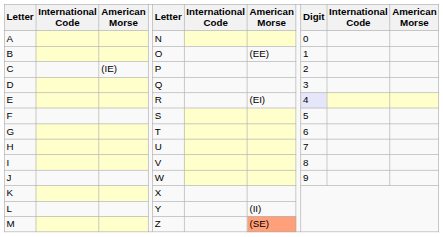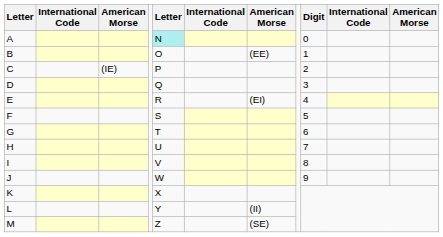 <table class="wikitable" style="text-align: ">
 <tr>
 <th>Letter</th>
 <th>International <br> Code</th>
 <th>American <br> Morse</th>
 <td rowspan=14></td>
 <th>Letter</th>
 <th>International <br> Code</th>
 <th>American <br> Morse</th>
 <td rowspan=14></td>
 <th>Digit</th>
 <th>International <br> Code</th>
 <th>American <br> Morse</th>
 </tr>
 <tr>
 <td>A</td>
 <td bgcolor=#ffffcc></td>
 <td bgcolor=#ffffcc></td>
-<td>N</td>
+<td style="background: paleturquoise;">N</td>
 <td bgcolor=#ffffcc></td>
 <td bgcolor=#ffffcc></td>
 <td>0</td>
 <td></td>
 <td></td>
 </tr>
 <tr>
 <td>B</td>
 <td bgcolor=#ffffcc></td>
 <td bgcolor=#ffffcc></td>
 <td>O</td>
 <td></td>
 <td> (EE)</td>
 <td>1</td>
 <td></td>
 <td></td>
 </tr>
 <tr>
 <td>C</td>
 <td></td>
 <td> (IE)</td>
 <td>P</td>
 <td></td>
 <td></td>
 <td>2</td>
 <td></td>
 <td></td>
 </tr>
 <tr>
 <td>D</td>
 <td bgcolor=#ffffcc></td>
 <td bgcolor=#ffffcc></td>
 <td>Q</td>
 <td></td>
 <td></td>
 <td>3</td>
 <td></td>
 <td></td>
 </tr>
 <tr>
 <td>E</td>
 <td bgcolor=#ffffcc></td>
 <td bgcolor=#ffffcc></td>
 <td>R</td>
 <td></td>
 <td> (EI)</td>
-<td style="background: lavender;">4</td>
+<td>4</td>
 <td bgcolor=#ffffcc></td>
 <td bgcolor=#ffffcc></td>
 </tr>
 <tr>
 <td>F</td>
 <td></td>
 <td></td>
 <td>S</td>
 <td bgcolor=#ffffcc></td>
 <td bgcolor=#ffffcc></td>
 <td>5</td>
 <td></td>
 <td></td>
 </tr>
 <tr>
 <td>G</td>
 <td bgcolor=#ffffcc></td>
 <td bgcolor=#ffffcc></td>
 <td>T</td>
 <td bgcolor=#ffffcc></td>
 <td bgcolor=#ffffcc></td>
 <td>6</td>
 <td></td>
 <td></td>
 </tr>
 <tr>
 <td>H</td>
 <td bgcolor=#ffffcc></td>
 <td bgcolor=#ffffcc></td>
 <td>U</td>
 <td bgcolor=#ffffcc></td>
 <td bgcolor=#ffffcc></td>
 <td>7</td>
 <td></td>
 <td></td>
 </tr>
 <tr>
 <td>I</td>
 <td bgcolor=#ffffcc></td>
 <td bgcolor=#ffffcc></td>
 <td>V</td>
 <td bgcolor=#ffffcc></td>
 <td bgcolor=#ffffcc></td>
 <td>8</td>
 <td></td>
 <td></td>
 </tr>
 <tr>
 <td>J</td>
 <td></td>
 <td></td>
 <td>W</td>
 <td bgcolor=#ffffcc></td>
 <td bgcolor=#ffffcc></td>
 <td>9</td>
 <td></td>
 <td></td>
 </tr>
 <tr>
 <td>K</td>
 <td bgcolor=#ffffcc></td>
 <td bgcolor=#ffffcc></td>
 <td>X</td>
 <td></td>
 <td></td>
 </tr>
 <tr>
 <td>L</td>
 <td></td>
 <td></td>
 <td>Y</td>
 <td></td>
 <td> (II)</td>
 </tr>
 <tr>
 <td>M</td>
 <td bgcolor=#ffffcc></td>
 <td bgcolor=#ffffcc></td>
 <td>Z</td>
 <td></td>
-<td style="background: lightsalmon;">(SE)</td>
+<td>(SE)</td>
 </tr>
 </table>
